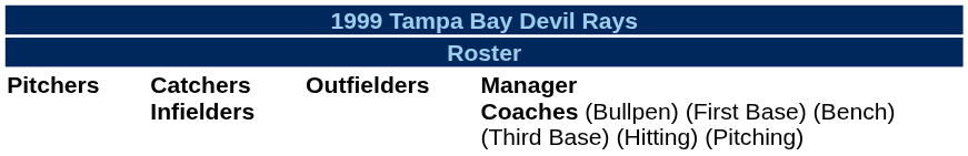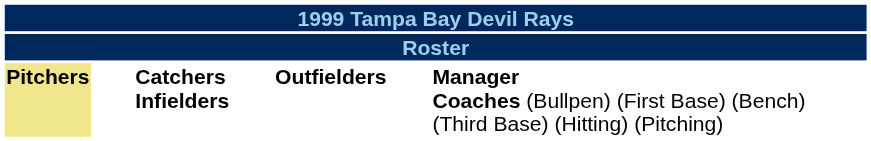 <table class="toccolours" style="font-size: 95%;">
 <tr>
 <th colspan="10" style="background:#00285D;color:#9ECEEE; text-align:center;">1999 Tampa Bay Devil Rays</th>
 </tr>
 <tr>
 <td colspan="10" style="background:#00285D;color:#9ECEEE; text-align:center;"><strong>Roster</strong></td>
 </tr>
 <tr>
-<td valign="top"><strong>Pitchers</strong><br>                      </td>
+<td valign="top" style="background: khaki;"><strong>Pitchers</strong><br>                      </td>
 <td width="25px"></td>
 <td valign="top"><strong>Catchers</strong><br>  <strong>Infielders</strong>           </td>
 <td width="25px"></td>
 <td valign="top"><strong>Outfielders</strong><br>         </td>
 <td width="25px"></td>
 <td valign="top"><strong>Manager</strong><br> <strong>Coaches</strong>  (Bullpen)  (First Base)  (Bench)  (Third Base)  (Hitting)  (Pitching)</td>
 </tr>
 <tr>
 </tr>
 </table>
